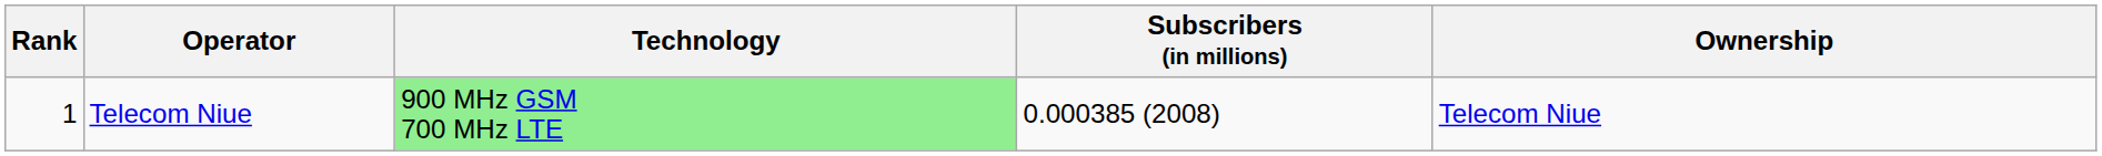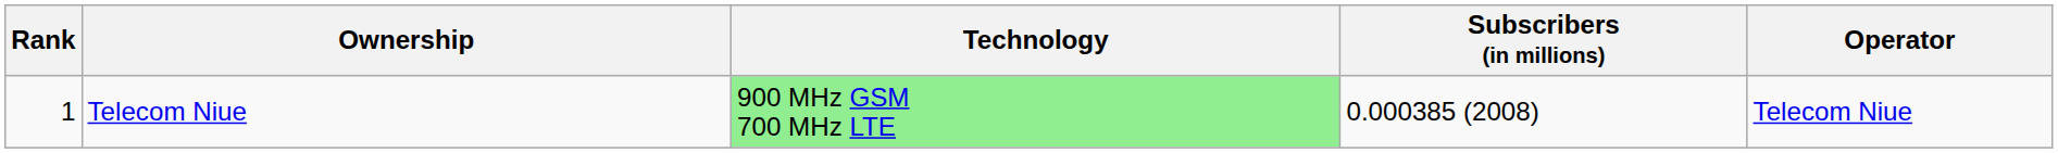 <table class="wikitable">
 <tr>
 <th style="width:3%;">Rank</th>
-<th style="width:15%;">Operator</th>
+<th style="width:32%;">Ownership</th>
 <th style="width:30%;">Technology</th>
 <th style="width:20%;">Subscribers<br><small>(in millions)</small></th>
-<th style="width:32%;">Ownership</th>
+<th style="width:15%;">Operator</th>
 </tr>
 <tr>
 <td align=right>1</td>
 <td><a href='#'>Telecom Niue</a></td>
 <td style="background: lightgreen;">900 MHz <a href='#'>GSM</a><br>700 MHz <a href='#'>LTE</a></td>
 <td>0.000385 (2008)</td>
 <td><a href='#'>Telecom Niue</a></td>
 </tr>
 </table>
